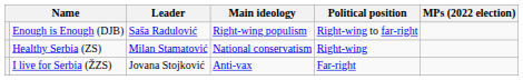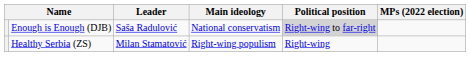 <table class="wikitable" style="text-align">
 <tr>
 <th colspan="2">Name</th>
 <th>Leader</th>
 <th>Main ideology</th>
 <th>Political position</th>
 <th>MPs (2022 election)</th>
 </tr>
 <tr>
 <th style="background-color:"></th>
 <td><a href='#'>Enough is Enough</a> (DJB)</td>
 <td><a href='#'>Saša Radulović</a></td>
-<td><a href='#'>Right-wing populism</a></td>
-<td><a href='#'>Right-wing</a> to <a href='#'>far-right</a></td>
+<td><a href='#'>National conservatism</a></td>
+<td style="background: lightgrey;"><a href='#'>Right-wing</a> to <a href='#'>far-right</a></td>
 <td></td>
 </tr>
 <tr>
 <th style="background-color:"></th>
 <td><a href='#'>Healthy Serbia</a> (ZS)</td>
 <td><a href='#'>Milan Stamatović</a></td>
-<td><a href='#'>National conservatism</a></td>
+<td><a href='#'>Right-wing populism</a></td>
 <td><a href='#'>Right-wing</a></td>
 <td></td>
 </tr>
-<tr>
-<th style="background-color:"></th>
-<td><a href='#'>I live for Serbia</a> (ŽZS)</td>
-<td>Jovana Stojković</td>
-<td><a href='#'>Anti-vax</a></td>
-<td><a href='#'>Far-right</a></td>
-<td></td>
-</tr>
 </table>
